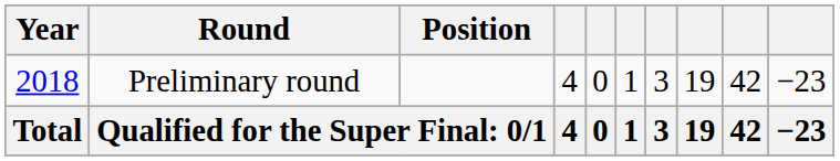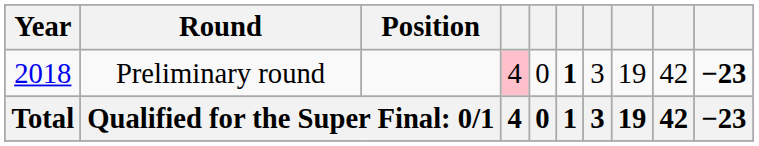 <table class="wikitable" style="text-align: center;">
 <tr>
 <th>Year</th>
 <th>Round</th>
 <th>Position</th>
 <th></th>
 <th></th>
 <th></th>
 <th></th>
 <th></th>
 <th></th>
 <th></th>
 </tr>
 <tr>
 <td><a href='#'>2018</a></td>
 <td>Preliminary round</td>
 <td></td>
-<td>4</td>
+<td style="background: pink;">4</td>
 <td>0</td>
-<td>1</td>
+<td><strong>1</strong></td>
 <td>3</td>
 <td>19</td>
 <td>42</td>
-<td>−23</td>
+<td><strong>−23</strong></td>
 </tr>
 <tr>
 <th>Total</th>
 <th colspan="2">Qualified for the Super Final: 0/1</th>
 <th>4</th>
 <th>0</th>
 <th>1</th>
 <th>3</th>
 <th>19</th>
 <th>42</th>
 <th>−23</th>
 </tr>
 </table>
